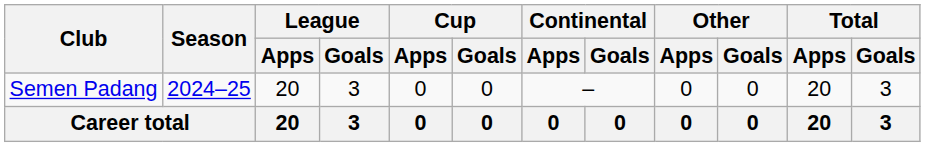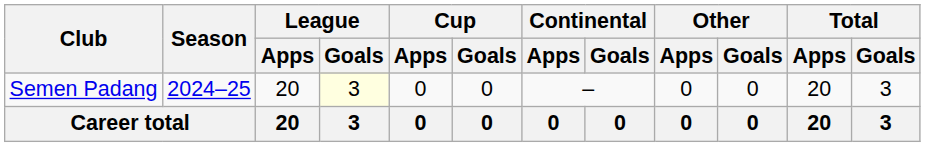 <table class="wikitable" style="text-align: center">
 <tr>
 <th rowspan="2">Club</th>
 <th rowspan="2">Season</th>
 <th colspan="2">League</th>
 <th colspan="2">Cup</th>
 <th colspan="2">Continental</th>
 <th colspan="2">Other</th>
 <th colspan="3">Total</th>
 </tr>
 <tr>
 <th>Apps</th>
 <th>Goals</th>
 <th>Apps</th>
 <th>Goals</th>
 <th>Apps</th>
 <th>Goals</th>
 <th>Apps</th>
 <th>Goals</th>
 <th>Apps</th>
 <th>Goals</th>
 </tr>
 <tr>
 <td rowspan="1"><a href='#'>Semen Padang</a></td>
 <td><a href='#'>2024–25</a></td>
 <td>20</td>
-<td>3</td>
+<td style="background: lightyellow;">3</td>
 <td>0</td>
 <td>0</td>
 <td colspan="2">–</td>
 <td>0</td>
 <td>0</td>
 <td>20</td>
 <td>3</td>
 </tr>
 <tr>
 <th colspan=2>Career total</th>
 <th>20</th>
 <th>3</th>
 <th>0</th>
 <th>0</th>
 <th>0</th>
 <th>0</th>
 <th>0</th>
 <th>0</th>
 <th>20</th>
 <th>3</th>
 </tr>
 </table>
